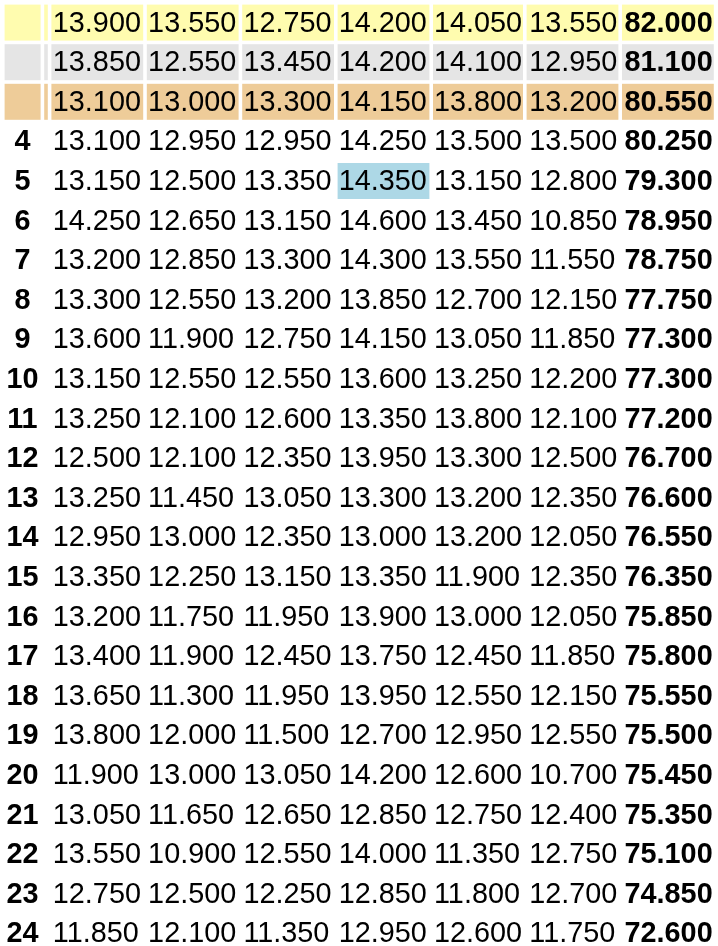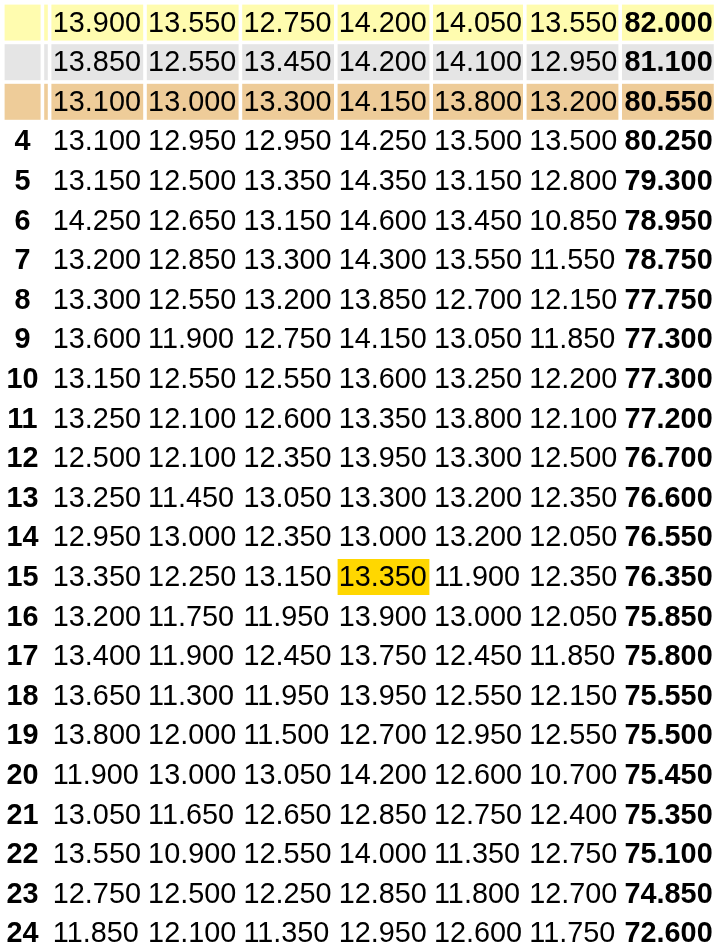 <table>
 <tr style="background:#fffcaf">
 <th scope=row></th>
 <td align=left></td>
 <td>13.900</td>
 <td>13.550</td>
 <td>12.750</td>
 <td>14.200</td>
 <td>14.050</td>
 <td>13.550</td>
 <td><strong>82.000</strong></td>
 </tr>
 <tr style="background:#e5e5e5">
 <th scope=row></th>
 <td align=left></td>
 <td>13.850</td>
 <td>12.550</td>
 <td>13.450</td>
 <td>14.200</td>
 <td>14.100</td>
 <td>12.950</td>
 <td><strong>81.100</strong></td>
 </tr>
 <tr style="background:#ec9">
 <th scope=row></th>
 <td align=left></td>
 <td>13.100</td>
 <td>13.000</td>
 <td>13.300</td>
 <td>14.150</td>
 <td>13.800</td>
 <td>13.200</td>
 <td><strong>80.550</strong></td>
 </tr>
 <tr>
 <th scope=row>4</th>
 <td align=left></td>
 <td>13.100</td>
 <td>12.950</td>
 <td>12.950</td>
 <td>14.250</td>
 <td>13.500</td>
 <td>13.500</td>
 <td><strong>80.250</strong></td>
 </tr>
 <tr>
 <th scope=row>5</th>
 <td align=left></td>
 <td>13.150</td>
 <td>12.500</td>
 <td>13.350</td>
-<td style="background: lightblue;">14.350</td>
+<td>14.350</td>
 <td>13.150</td>
 <td>12.800</td>
 <td><strong>79.300</strong></td>
 </tr>
 <tr>
 <th scope=row>6</th>
 <td align=left></td>
 <td>14.250</td>
 <td>12.650</td>
 <td>13.150</td>
 <td>14.600</td>
 <td>13.450</td>
 <td>10.850</td>
 <td><strong>78.950</strong></td>
 </tr>
 <tr>
 <th scope=row>7</th>
 <td align=left></td>
 <td>13.200</td>
 <td>12.850</td>
 <td>13.300</td>
 <td>14.300</td>
 <td>13.550</td>
 <td>11.550</td>
 <td><strong>78.750</strong></td>
 </tr>
 <tr>
 <th scope=row>8</th>
 <td align=left></td>
 <td>13.300</td>
 <td>12.550</td>
 <td>13.200</td>
 <td>13.850</td>
 <td>12.700</td>
 <td>12.150</td>
 <td><strong>77.750</strong></td>
 </tr>
 <tr>
 <th scope=row>9</th>
 <td align=left></td>
 <td>13.600</td>
 <td>11.900</td>
 <td>12.750</td>
 <td>14.150</td>
 <td>13.050</td>
 <td>11.850</td>
 <td><strong>77.300</strong></td>
 </tr>
 <tr>
 <th scope=row>10</th>
 <td align=left></td>
 <td>13.150</td>
 <td>12.550</td>
 <td>12.550</td>
 <td>13.600</td>
 <td>13.250</td>
 <td>12.200</td>
 <td><strong>77.300</strong></td>
 </tr>
 <tr>
 <th scope=row>11</th>
 <td align=left></td>
 <td>13.250</td>
 <td>12.100</td>
 <td>12.600</td>
 <td>13.350</td>
 <td>13.800</td>
 <td>12.100</td>
 <td><strong>77.200</strong></td>
 </tr>
 <tr>
 <th scope=row>12</th>
 <td align=left></td>
 <td>12.500</td>
 <td>12.100</td>
 <td>12.350</td>
 <td>13.950</td>
 <td>13.300</td>
 <td>12.500</td>
 <td><strong>76.700</strong></td>
 </tr>
 <tr>
 <th scope=row>13</th>
 <td align=left></td>
 <td>13.250</td>
 <td>11.450</td>
 <td>13.050</td>
 <td>13.300</td>
 <td>13.200</td>
 <td>12.350</td>
 <td><strong>76.600</strong></td>
 </tr>
 <tr>
 <th scope=row>14</th>
 <td align=left></td>
 <td>12.950</td>
 <td>13.000</td>
 <td>12.350</td>
 <td>13.000</td>
 <td>13.200</td>
 <td>12.050</td>
 <td><strong>76.550</strong></td>
 </tr>
 <tr>
 <th scope=row>15</th>
 <td align=left></td>
 <td>13.350</td>
 <td>12.250</td>
 <td>13.150</td>
-<td>13.350</td>
+<td style="background: gold;">13.350</td>
 <td>11.900</td>
 <td>12.350</td>
 <td><strong>76.350</strong></td>
 </tr>
 <tr>
 <th scope=row>16</th>
 <td align=left></td>
 <td>13.200</td>
 <td>11.750</td>
 <td>11.950</td>
 <td>13.900</td>
 <td>13.000</td>
 <td>12.050</td>
 <td><strong>75.850</strong></td>
 </tr>
 <tr>
 <th scope=row>17</th>
 <td align=left></td>
 <td>13.400</td>
 <td>11.900</td>
 <td>12.450</td>
 <td>13.750</td>
 <td>12.450</td>
 <td>11.850</td>
 <td><strong>75.800</strong></td>
 </tr>
 <tr>
 <th scope=row>18</th>
 <td align=left></td>
 <td>13.650</td>
 <td>11.300</td>
 <td>11.950</td>
 <td>13.950</td>
 <td>12.550</td>
 <td>12.150</td>
 <td><strong>75.550</strong></td>
 </tr>
 <tr>
 <th scope=row>19</th>
 <td align=left></td>
 <td>13.800</td>
 <td>12.000</td>
 <td>11.500</td>
 <td>12.700</td>
 <td>12.950</td>
 <td>12.550</td>
 <td><strong>75.500</strong></td>
 </tr>
 <tr>
 <th scope=row>20</th>
 <td align=left></td>
 <td>11.900</td>
 <td>13.000</td>
 <td>13.050</td>
 <td>14.200</td>
 <td>12.600</td>
 <td>10.700</td>
 <td><strong>75.450</strong></td>
 </tr>
 <tr>
 <th scope=row>21</th>
 <td align=left></td>
 <td>13.050</td>
 <td>11.650</td>
 <td>12.650</td>
 <td>12.850</td>
 <td>12.750</td>
 <td>12.400</td>
 <td><strong>75.350</strong></td>
 </tr>
 <tr>
 <th scope=row>22</th>
 <td align=left></td>
 <td>13.550</td>
 <td>10.900</td>
 <td>12.550</td>
 <td>14.000</td>
 <td>11.350</td>
 <td>12.750</td>
 <td><strong>75.100</strong></td>
 </tr>
 <tr>
 <th scope=row>23</th>
 <td align=left></td>
 <td>12.750</td>
 <td>12.500</td>
 <td>12.250</td>
 <td>12.850</td>
 <td>11.800</td>
 <td>12.700</td>
 <td><strong>74.850</strong></td>
 </tr>
 <tr>
 <th scope=row>24</th>
 <td align=left></td>
 <td>11.850</td>
 <td>12.100</td>
 <td>11.350</td>
 <td>12.950</td>
 <td>12.600</td>
 <td>11.750</td>
 <td><strong>72.600</strong></td>
 </tr>
 </table>
